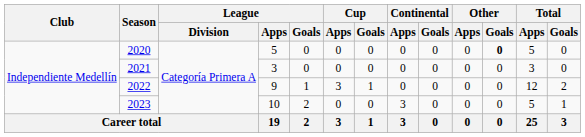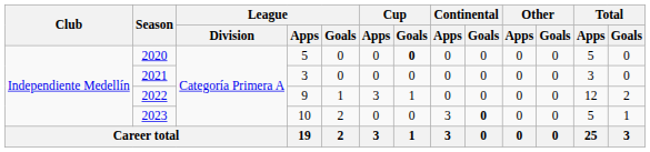 <table class=wikitable style=text-align:center>
 <tr>
 <th rowspan="2">Club</th>
 <th rowspan="2">Season</th>
 <th colspan="3">League</th>
 <th colspan="2">Cup</th>
 <th colspan="2">Continental</th>
 <th colspan="2">Other</th>
 <th colspan="2">Total</th>
 </tr>
 <tr>
 <th>Division</th>
 <th>Apps</th>
 <th>Goals</th>
 <th>Apps</th>
 <th>Goals</th>
 <th>Apps</th>
 <th>Goals</th>
 <th>Apps</th>
 <th>Goals</th>
 <th>Apps</th>
 <th>Goals</th>
 </tr>
 <tr>
 <td rowspan="4"><a href='#'>Independiente Medellín</a></td>
 <td><a href='#'>2020</a></td>
 <td rowspan="4"><a href='#'>Categoría Primera A</a></td>
 <td>5</td>
 <td>0</td>
 <td>0</td>
+<td><strong>0</strong></td>
 <td>0</td>
 <td>0</td>
 <td>0</td>
 <td>0</td>
-<td><strong>0</strong></td>
 <td>5</td>
 <td>0</td>
 </tr>
 <tr>
 <td><a href='#'>2021</a></td>
 <td>3</td>
 <td>0</td>
 <td>0</td>
 <td>0</td>
 <td>0</td>
 <td>0</td>
 <td>0</td>
 <td>0</td>
 <td>3</td>
 <td>0</td>
 </tr>
 <tr>
 <td><a href='#'>2022</a></td>
 <td>9</td>
 <td>1</td>
 <td>3</td>
 <td>1</td>
 <td>0</td>
 <td>0</td>
 <td>0</td>
 <td>0</td>
 <td>12</td>
 <td>2</td>
 </tr>
 <tr>
 <td><a href='#'>2023</a></td>
 <td>10</td>
 <td>2</td>
 <td>0</td>
 <td>0</td>
 <td>3</td>
-<td>0</td>
+<td><strong>0</strong></td>
 <td>0</td>
 <td>0</td>
 <td>5</td>
 <td>1</td>
 </tr>
 <tr>
 <th colspan="3"><strong>Career total</strong></th>
 <th>19</th>
 <th>2</th>
 <th>3</th>
 <th>1</th>
 <th>3</th>
 <th>0</th>
 <th>0</th>
 <th>0</th>
 <th>25</th>
 <th>3</th>
 </tr>
 </table>
